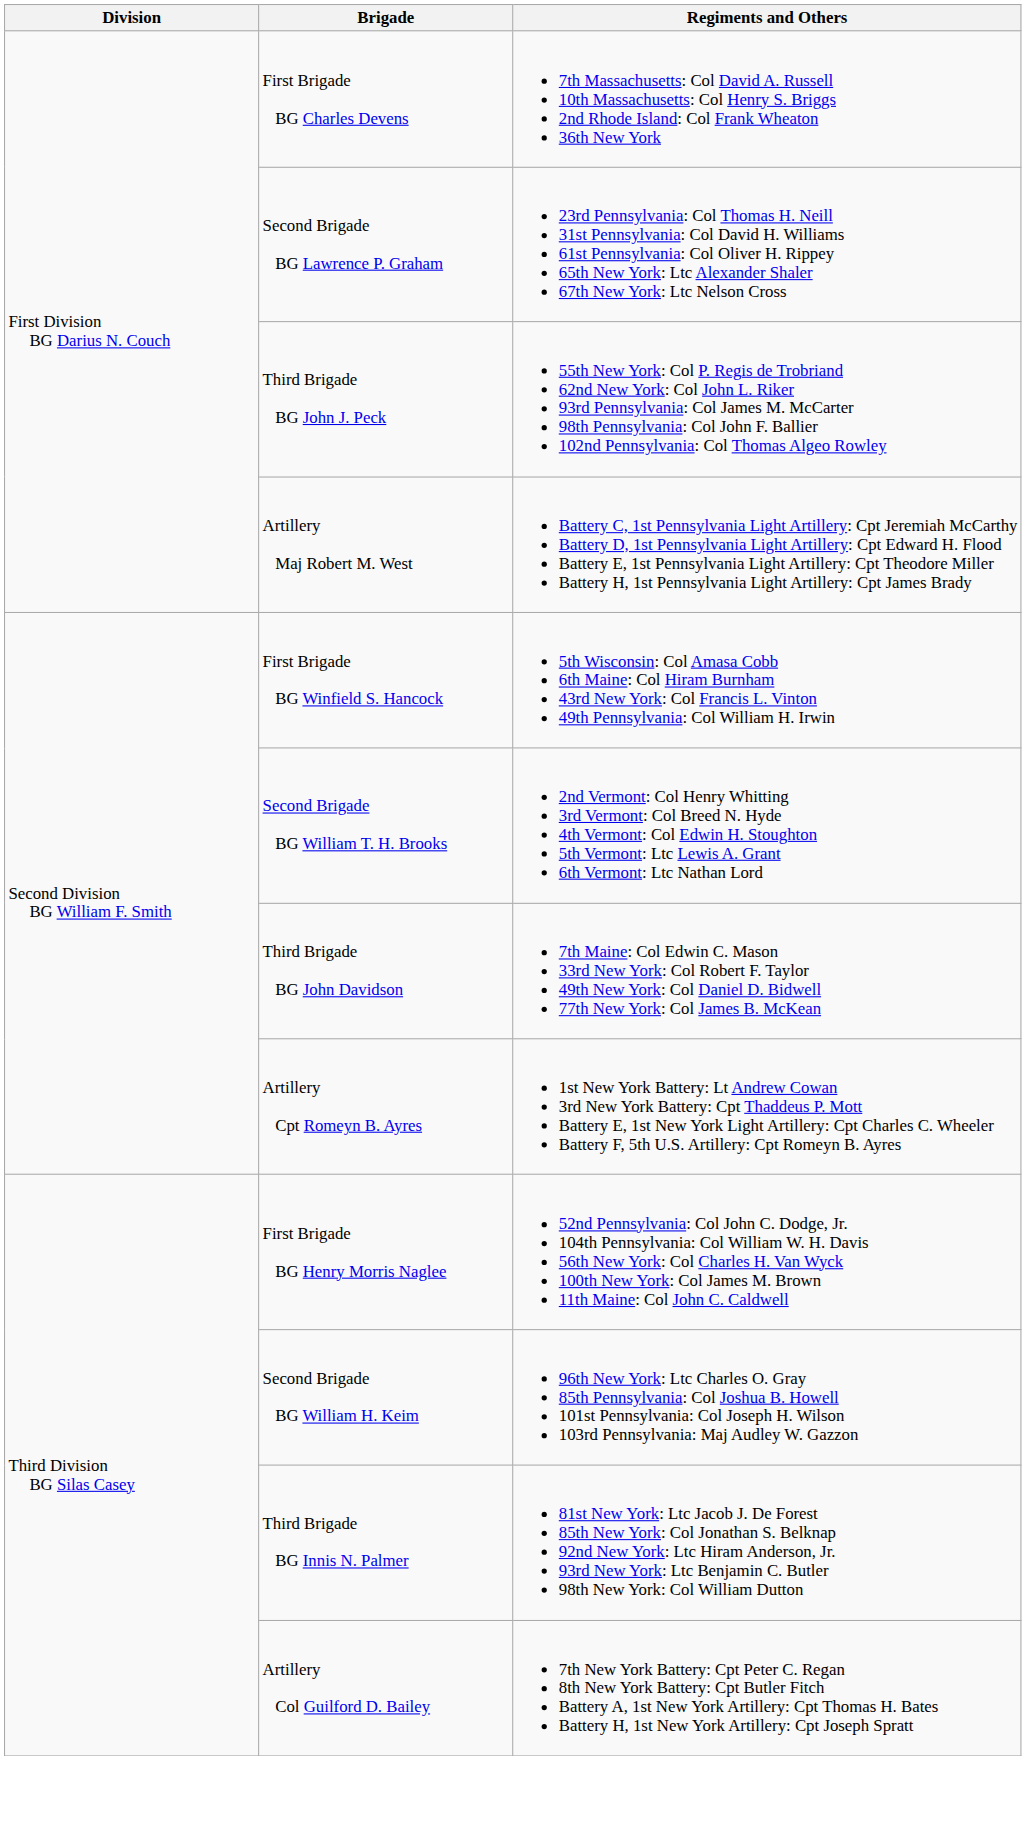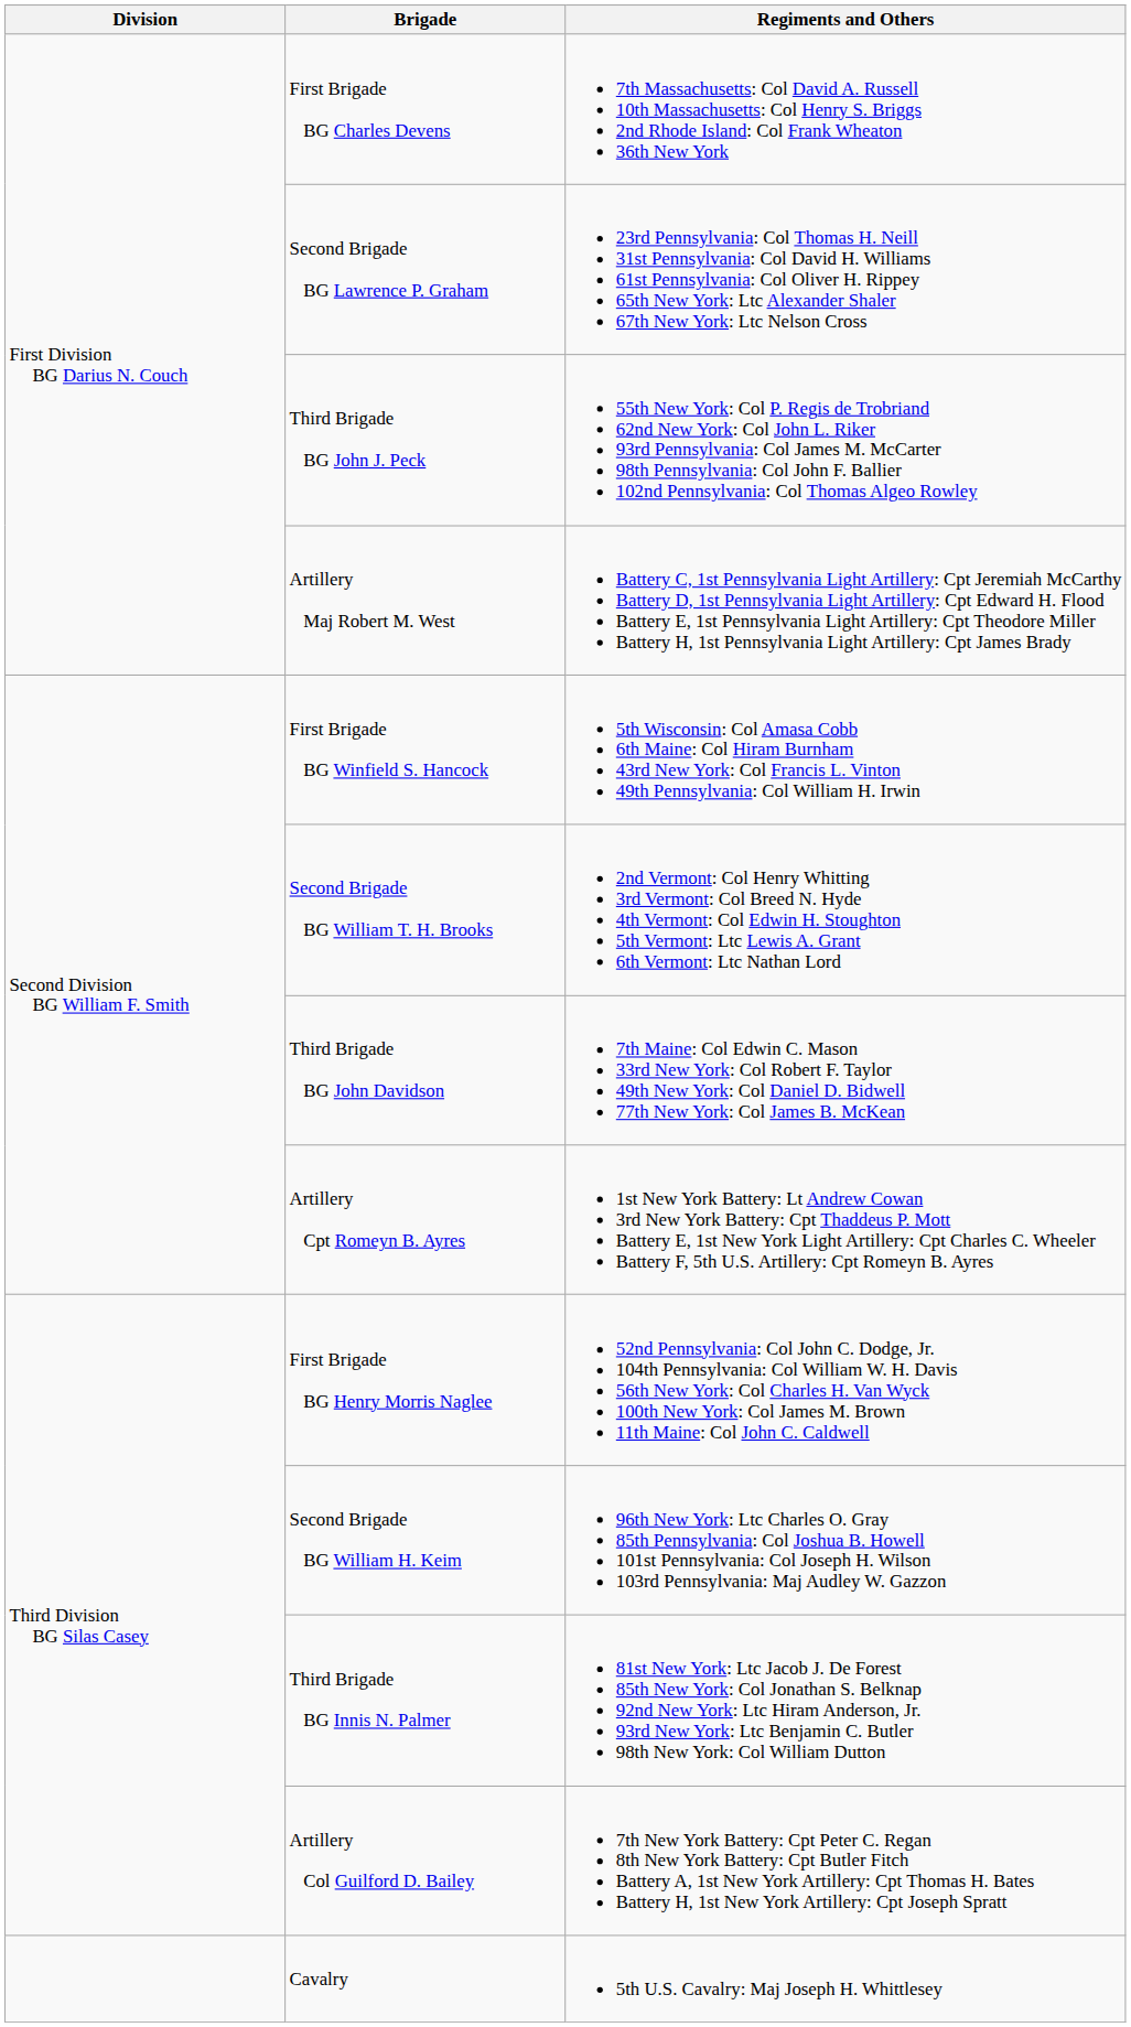 <table class="wikitable">
 <tr>
 <th style="width:25%;">Division</th>
 <th style="width:25%;">Brigade</th>
 <th>Regiments and Others</th>
 </tr>
 <tr>
 <td rowspan=4><br>First Division <br>     BG <a href='#'>Darius N. Couch</a></td>
 <td>First Brigade<br><br>   BG <a href='#'>Charles Devens</a></td>
 <td><br><ul><li><a href='#'>7th Massachusetts</a>: Col <a href='#'>David A. Russell</a></li><li><a href='#'>10th Massachusetts</a>: Col <a href='#'>Henry S. Briggs</a></li><li><a href='#'>2nd Rhode Island</a>: Col <a href='#'>Frank Wheaton</a></li><li><a href='#'>36th New York</a></li></ul></td>
 </tr>
 <tr>
 <td>Second Brigade<br><br>   BG <a href='#'>Lawrence P. Graham</a></td>
 <td><br><ul><li><a href='#'>23rd Pennsylvania</a>: Col <a href='#'>Thomas H. Neill</a></li><li><a href='#'>31st Pennsylvania</a>: Col David H. Williams</li><li><a href='#'>61st Pennsylvania</a>: Col Oliver H. Rippey</li><li><a href='#'>65th New York</a>: Ltc <a href='#'>Alexander Shaler</a></li><li><a href='#'>67th New York</a>: Ltc Nelson Cross</li></ul></td>
 </tr>
 <tr>
 <td>Third Brigade<br><br>   BG <a href='#'>John J. Peck</a></td>
 <td><br><ul><li><a href='#'>55th New York</a>: Col <a href='#'>P. Regis de Trobriand</a></li><li><a href='#'>62nd New York</a>: Col <a href='#'>John  L. Riker</a></li><li><a href='#'>93rd Pennsylvania</a>: Col James M. McCarter</li><li><a href='#'>98th Pennsylvania</a>: Col John F. Ballier</li><li><a href='#'>102nd Pennsylvania</a>: Col <a href='#'>Thomas Algeo Rowley</a></li></ul></td>
 </tr>
 <tr>
 <td>Artillery<br><br>   Maj Robert M. West</td>
 <td><br><ul><li><a href='#'>Battery C, 1st Pennsylvania Light Artillery</a>: Cpt Jeremiah McCarthy</li><li><a href='#'>Battery D, 1st Pennsylvania Light Artillery</a>: Cpt Edward H. Flood</li><li>Battery E, 1st Pennsylvania Light Artillery: Cpt Theodore Miller</li><li>Battery H, 1st Pennsylvania Light Artillery: Cpt James Brady</li></ul></td>
 </tr>
 <tr>
 <td rowspan=4><br>Second Division <br>     BG <a href='#'>William F. Smith</a></td>
 <td>First Brigade<br><br>   BG <a href='#'>Winfield S. Hancock</a></td>
 <td><br><ul><li><a href='#'>5th Wisconsin</a>: Col <a href='#'>Amasa Cobb</a></li><li><a href='#'>6th Maine</a>: Col <a href='#'>Hiram Burnham</a></li><li><a href='#'>43rd New York</a>: Col <a href='#'>Francis L. Vinton</a></li><li><a href='#'>49th Pennsylvania</a>: Col William H. Irwin</li></ul></td>
 </tr>
 <tr>
 <td><a href='#'>Second Brigade</a><br><br>   BG <a href='#'>William T. H. Brooks</a></td>
 <td><br><ul><li><a href='#'>2nd Vermont</a>: Col Henry Whitting</li><li><a href='#'>3rd Vermont</a>: Col Breed N. Hyde</li><li><a href='#'>4th Vermont</a>: Col <a href='#'>Edwin H. Stoughton</a></li><li><a href='#'>5th Vermont</a>: Ltc <a href='#'>Lewis A. Grant</a></li><li><a href='#'>6th Vermont</a>: Ltc Nathan Lord</li></ul></td>
 </tr>
 <tr>
 <td>Third Brigade<br><br>   BG <a href='#'>John Davidson</a></td>
 <td><br><ul><li><a href='#'>7th Maine</a>: Col Edwin C. Mason</li><li><a href='#'>33rd New York</a>: Col Robert F. Taylor</li><li><a href='#'>49th New York</a>: Col <a href='#'>Daniel D. Bidwell</a></li><li><a href='#'>77th New York</a>: Col <a href='#'>James B. McKean</a></li></ul></td>
 </tr>
 <tr>
 <td>Artillery<br><br>   Cpt <a href='#'>Romeyn B. Ayres</a></td>
 <td><br><ul><li>1st New York Battery: Lt <a href='#'>Andrew Cowan</a></li><li>3rd New York Battery: Cpt <a href='#'>Thaddeus P. Mott</a></li><li>Battery E, 1st New York Light Artillery: Cpt Charles C. Wheeler</li><li>Battery F, 5th U.S. Artillery: Cpt Romeyn B. Ayres</li></ul></td>
 </tr>
 <tr>
 <td rowspan=4><br>Third Division <br>     BG <a href='#'>Silas Casey</a></td>
 <td>First Brigade<br><br>   BG <a href='#'>Henry Morris Naglee</a></td>
 <td><br><ul><li><a href='#'>52nd Pennsylvania</a>: Col John C. Dodge, Jr.</li><li>104th Pennsylvania: Col William W. H. Davis</li><li><a href='#'>56th New York</a>: Col <a href='#'>Charles H. Van Wyck</a></li><li><a href='#'>100th New York</a>: Col James M. Brown</li><li><a href='#'>11th Maine</a>: Col <a href='#'>John C. Caldwell</a></li></ul></td>
 </tr>
 <tr>
 <td>Second Brigade<br><br>   BG <a href='#'>William H. Keim</a></td>
 <td><br><ul><li><a href='#'>96th New York</a>: Ltc Charles O. Gray</li><li><a href='#'>85th Pennsylvania</a>: Col <a href='#'>Joshua B. Howell</a></li><li>101st Pennsylvania: Col Joseph H. Wilson</li><li>103rd Pennsylvania: Maj Audley W. Gazzon</li></ul></td>
 </tr>
 <tr>
 <td>Third Brigade<br><br>   BG <a href='#'>Innis N. Palmer</a></td>
 <td><br><ul><li><a href='#'>81st New York</a>: Ltc Jacob J. De Forest</li><li><a href='#'>85th New York</a>: Col Jonathan S. Belknap</li><li><a href='#'>92nd New York</a>: Ltc Hiram Anderson, Jr.</li><li><a href='#'>93rd New York</a>: Ltc Benjamin C. Butler</li><li>98th New York: Col William Dutton</li></ul></td>
 </tr>
 <tr>
 <td>Artillery<br><br>   Col <a href='#'>Guilford D. Bailey</a></td>
 <td><br><ul><li>7th New York Battery: Cpt Peter C. Regan</li><li>8th New York Battery: Cpt Butler Fitch</li><li>Battery A, 1st New York Artillery: Cpt Thomas H. Bates</li><li>Battery H, 1st New York Artillery: Cpt Joseph Spratt</li></ul></td>
 </tr>
+<tr>
+<td rowspan=1></td>
+<td>Cavalry</td>
+<td><br><ul><li>5th U.S. Cavalry: Maj Joseph H. Whittlesey</li></ul></td>
+</tr>
 </table>
